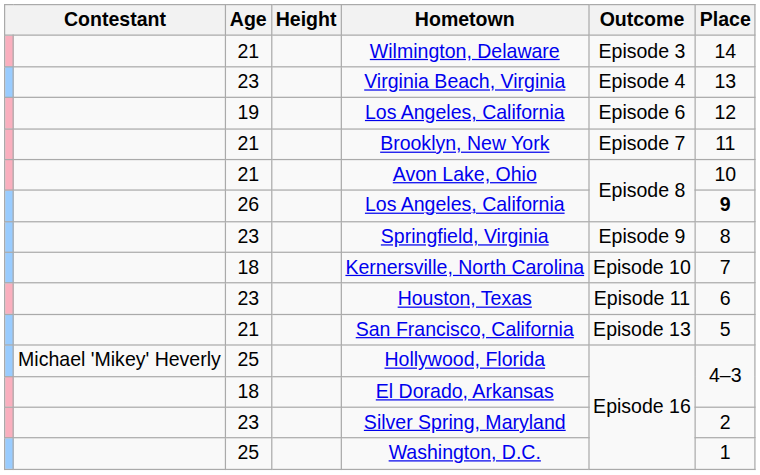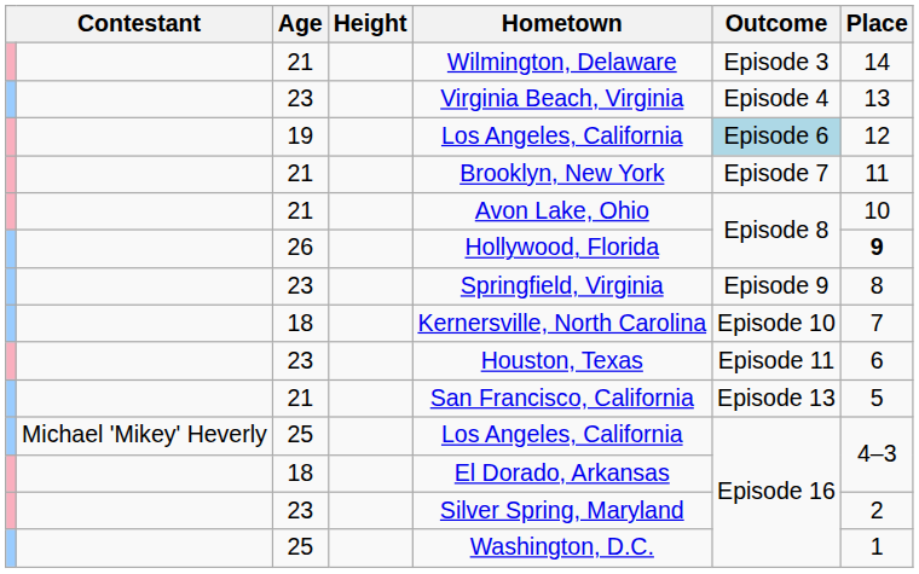 <table class="wikitable sortable" style="text-align:center;">
 <tr>
 <th colspan="2">Contestant</th>
 <th>Age</th>
 <th>Height</th>
 <th>Hometown</th>
 <th>Outcome</th>
 <th>Place</th>
 </tr>
 <tr>
 <td style="background:#faafbe"></td>
 <td nowrap></td>
 <td>21</td>
 <td nowrap></td>
 <td nowrap><a href='#'>Wilmington, Delaware</a></td>
 <td>Episode 3</td>
 <td>14</td>
 </tr>
 <tr>
 <td style="background:#9cf;"></td>
 <td></td>
 <td>23</td>
 <td></td>
 <td><a href='#'>Virginia Beach, Virginia</a></td>
 <td>Episode 4</td>
 <td>13</td>
 </tr>
 <tr>
 <td style="background:#faafbe"></td>
 <td></td>
 <td>19</td>
 <td></td>
 <td><a href='#'>Los Angeles, California</a></td>
-<td>Episode 6</td>
+<td style="background: lightblue;">Episode 6</td>
 <td>12</td>
 </tr>
 <tr>
 <td style="background:#faafbe"></td>
 <td></td>
 <td>21</td>
 <td></td>
 <td><a href='#'>Brooklyn, New York</a></td>
 <td>Episode 7</td>
 <td>11</td>
 </tr>
 <tr>
 <td style="background:#faafbe"></td>
 <td></td>
 <td>21</td>
 <td></td>
 <td><a href='#'>Avon Lake, Ohio</a></td>
 <td rowspan="2">Episode 8</td>
 <td>10</td>
 </tr>
 <tr>
 <td style="background:#9cf;"></td>
 <td></td>
 <td>26</td>
 <td></td>
-<td><a href='#'>Los Angeles, California</a></td>
+<td><a href='#'>Hollywood, Florida</a></td>
 <td><strong>9</strong></td>
 </tr>
 <tr>
 <td style="background:#9cf;"></td>
 <td></td>
 <td>23</td>
 <td></td>
 <td><a href='#'>Springfield, Virginia</a></td>
 <td>Episode 9</td>
 <td>8</td>
 </tr>
 <tr>
 <td style="background:#9cf;"></td>
 <td></td>
 <td>18</td>
 <td></td>
 <td><a href='#'>Kernersville, North Carolina</a></td>
 <td>Episode 10</td>
 <td>7</td>
 </tr>
 <tr>
 <td style="background:#faafbe"></td>
 <td></td>
 <td>23</td>
 <td></td>
 <td><a href='#'>Houston, Texas</a></td>
 <td>Episode 11</td>
 <td>6</td>
 </tr>
 <tr>
 <td style="background:#9cf;"></td>
 <td></td>
 <td>21</td>
 <td></td>
 <td><a href='#'>San Francisco, California</a></td>
 <td>Episode 13</td>
 <td>5</td>
 </tr>
 <tr>
 <td style="background:#9cf;"></td>
 <td>Michael 'Mikey' Heverly</td>
 <td>25</td>
 <td></td>
-<td><a href='#'>Hollywood, Florida</a></td>
+<td><a href='#'>Los Angeles, California</a></td>
 <td rowspan="4">Episode 16</td>
 <td rowspan="2">4–3</td>
 </tr>
 <tr>
 <td style="background:#faafbe"></td>
 <td></td>
 <td>18</td>
 <td></td>
 <td><a href='#'>El Dorado, Arkansas</a></td>
 </tr>
 <tr>
 <td style="background:#faafbe"></td>
 <td></td>
 <td>23</td>
 <td></td>
 <td><a href='#'>Silver Spring, Maryland</a></td>
 <td>2</td>
 </tr>
 <tr>
 <td style="background:#9cf;"></td>
 <td></td>
 <td>25</td>
 <td></td>
 <td><a href='#'>Washington, D.C.</a></td>
 <td>1</td>
 </tr>
 </table>
